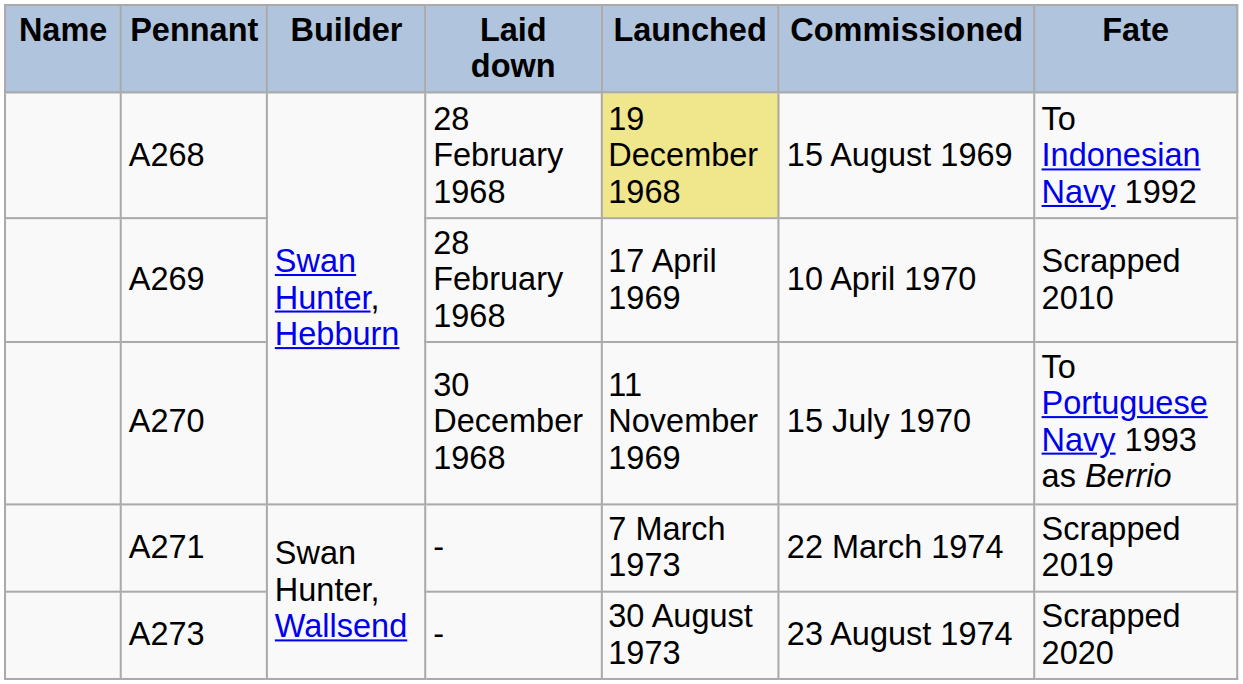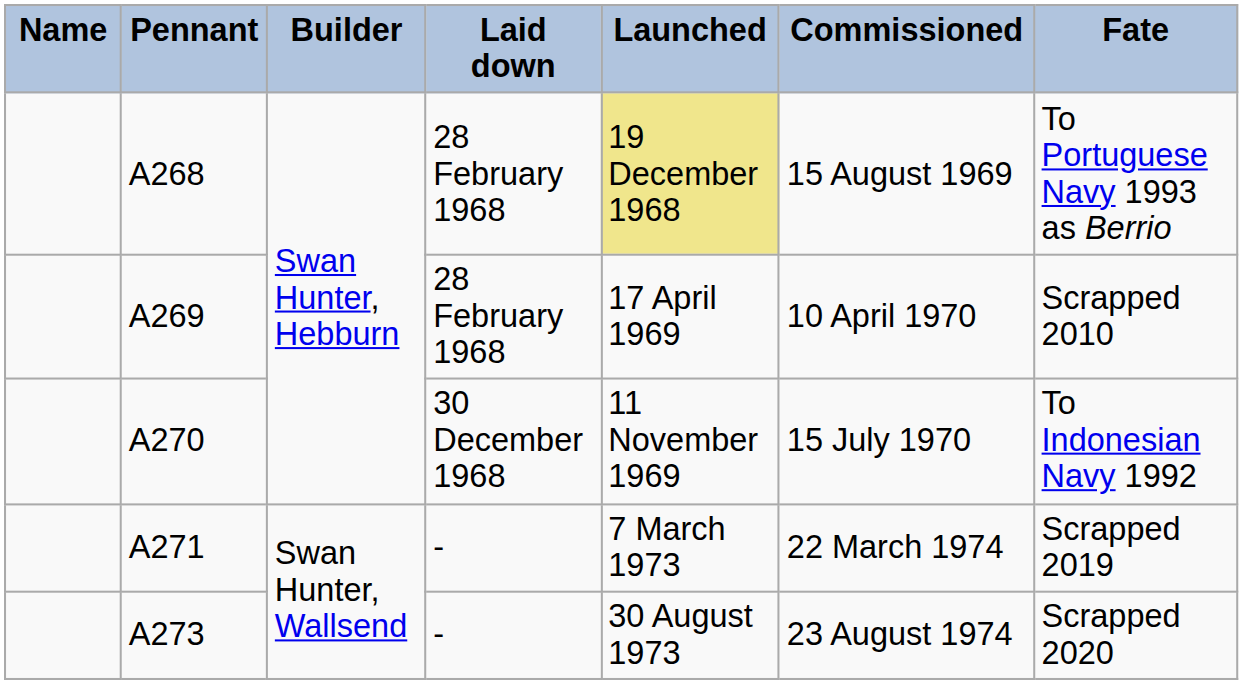 <table class="wikitable">
 <tr style="vertical-align: top;">
 <th scope="col" style="width: 200px; background:#B0C4DE;">Name</th>
 <th scope="col" style="width: 100px; background:#B0C4DE;">Pennant</th>
 <th scope="col" style="width: 200px; background:#B0C4DE;">Builder</th>
 <th scope="col" style="width: 200px; background:#B0C4DE;">Laid down</th>
 <th scope="col" style="width: 200px; background:#B0C4DE;">Launched</th>
 <th scope="col" style="width: 200px; background:#B0C4DE;">Commissioned</th>
 <th scope="col" style="width: 350px; background:#B0C4DE;">Fate</th>
 </tr>
 <tr>
 <td></td>
 <td>A268</td>
 <td rowspan=3><a href='#'>Swan Hunter</a>, <a href='#'>Hebburn</a></td>
 <td>28 February 1968</td>
 <td style="background: khaki;">19 December 1968</td>
 <td>15 August 1969</td>
-<td>To <a href='#'>Indonesian Navy</a> 1992</td>
+<td>To <a href='#'>Portuguese Navy</a> 1993 as <em>Berrio</em></td>
 </tr>
 <tr>
 <td></td>
 <td>A269</td>
 <td>28 February 1968</td>
 <td>17 April 1969</td>
 <td>10 April 1970</td>
 <td>Scrapped 2010</td>
 </tr>
 <tr>
 <td></td>
 <td>A270</td>
 <td>30 December 1968</td>
 <td>11 November 1969</td>
 <td>15 July 1970</td>
-<td>To <a href='#'>Portuguese Navy</a> 1993 as <em>Berrio</em></td>
+<td>To <a href='#'>Indonesian Navy</a> 1992</td>
 </tr>
 <tr>
 <td></td>
 <td>A271</td>
 <td rowspan=2>Swan Hunter, <a href='#'>Wallsend</a></td>
 <td>-</td>
 <td>7 March 1973</td>
 <td>22 March 1974</td>
 <td>Scrapped 2019</td>
 </tr>
 <tr>
 <td></td>
 <td>A273</td>
 <td>-</td>
 <td>30 August 1973</td>
 <td>23 August 1974</td>
 <td>Scrapped 2020</td>
 </tr>
 </table>
